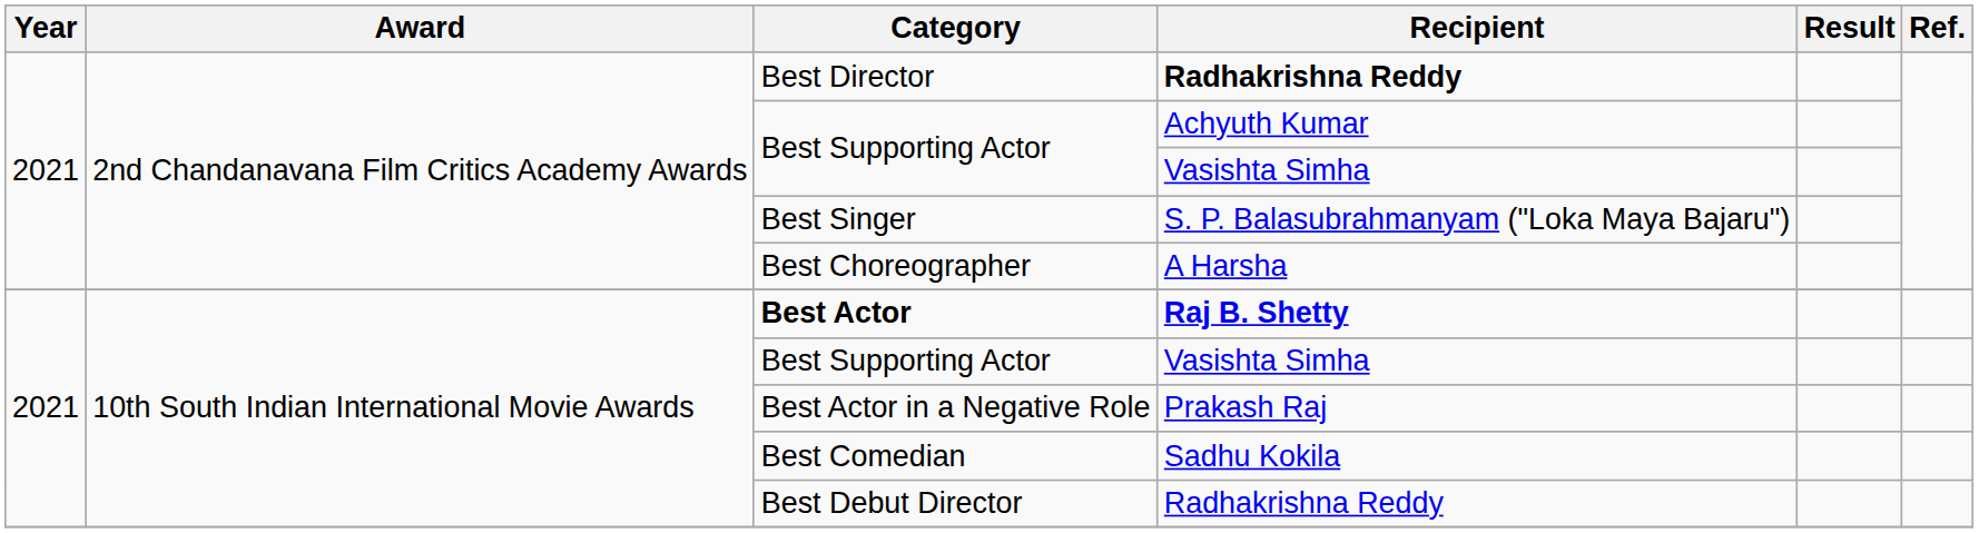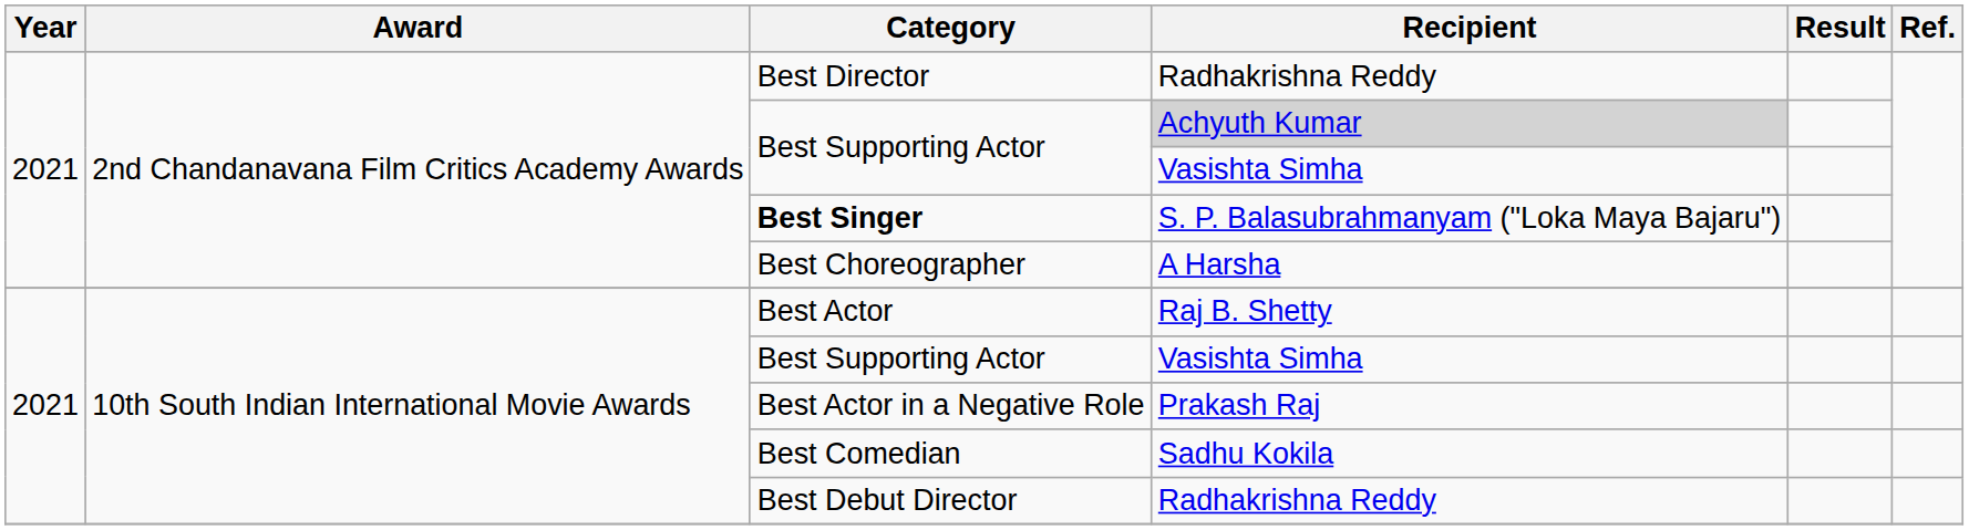 <table class=wikitable>
 <tr>
 <th>Year</th>
 <th>Award</th>
 <th>Category</th>
 <th>Recipient</th>
 <th>Result</th>
 <th>Ref.</th>
 </tr>
 <tr>
 <td rowspan=5>2021</td>
 <td rowspan=5>2nd Chandanavana Film Critics Academy Awards</td>
 <td>Best Director</td>
-<td><strong>Radhakrishna Reddy</strong></td>
+<td>Radhakrishna Reddy</td>
 <td></td>
 <td rowspan=5><br><br></td>
 </tr>
 <tr>
 <td rowspan=2>Best Supporting Actor</td>
-<td><a href='#'>Achyuth Kumar</a></td>
+<td style="background: lightgrey;"><a href='#'>Achyuth Kumar</a></td>
 <td></td>
 </tr>
 <tr>
 <td><a href='#'>Vasishta Simha</a></td>
 <td></td>
 </tr>
 <tr>
-<td>Best Singer</td>
+<td><strong>Best Singer</strong></td>
 <td><a href='#'>S. P. Balasubrahmanyam</a> ("Loka Maya Bajaru")</td>
 <td></td>
 </tr>
 <tr>
 <td>Best Choreographer</td>
 <td><a href='#'>A Harsha</a></td>
 <td></td>
 </tr>
 <tr>
 </tr>
 <tr>
 <td rowspan=5>2021</td>
 <td rowspan=5>10th South Indian International Movie Awards</td>
-<td><strong>Best Actor</strong></td>
-<td><strong><a href='#'>Raj B. Shetty</a></strong></td>
+<td>Best Actor</td>
+<td><a href='#'>Raj B. Shetty</a></td>
 <td></td>
 <td></td>
 </tr>
 <tr>
 <td>Best Supporting Actor</td>
 <td><a href='#'>Vasishta Simha</a></td>
 <td></td>
 <td></td>
 </tr>
 <tr>
 <td>Best Actor in a Negative Role</td>
 <td><a href='#'>Prakash Raj</a></td>
 <td></td>
 <td></td>
 </tr>
 <tr>
 <td>Best Comedian</td>
 <td><a href='#'>Sadhu Kokila</a></td>
 <td></td>
 <td></td>
 </tr>
 <tr>
 <td>Best Debut Director</td>
 <td><a href='#'>Radhakrishna Reddy</a></td>
 <td></td>
 <td></td>
 </tr>
 <tr>
 </tr>
 </table>
